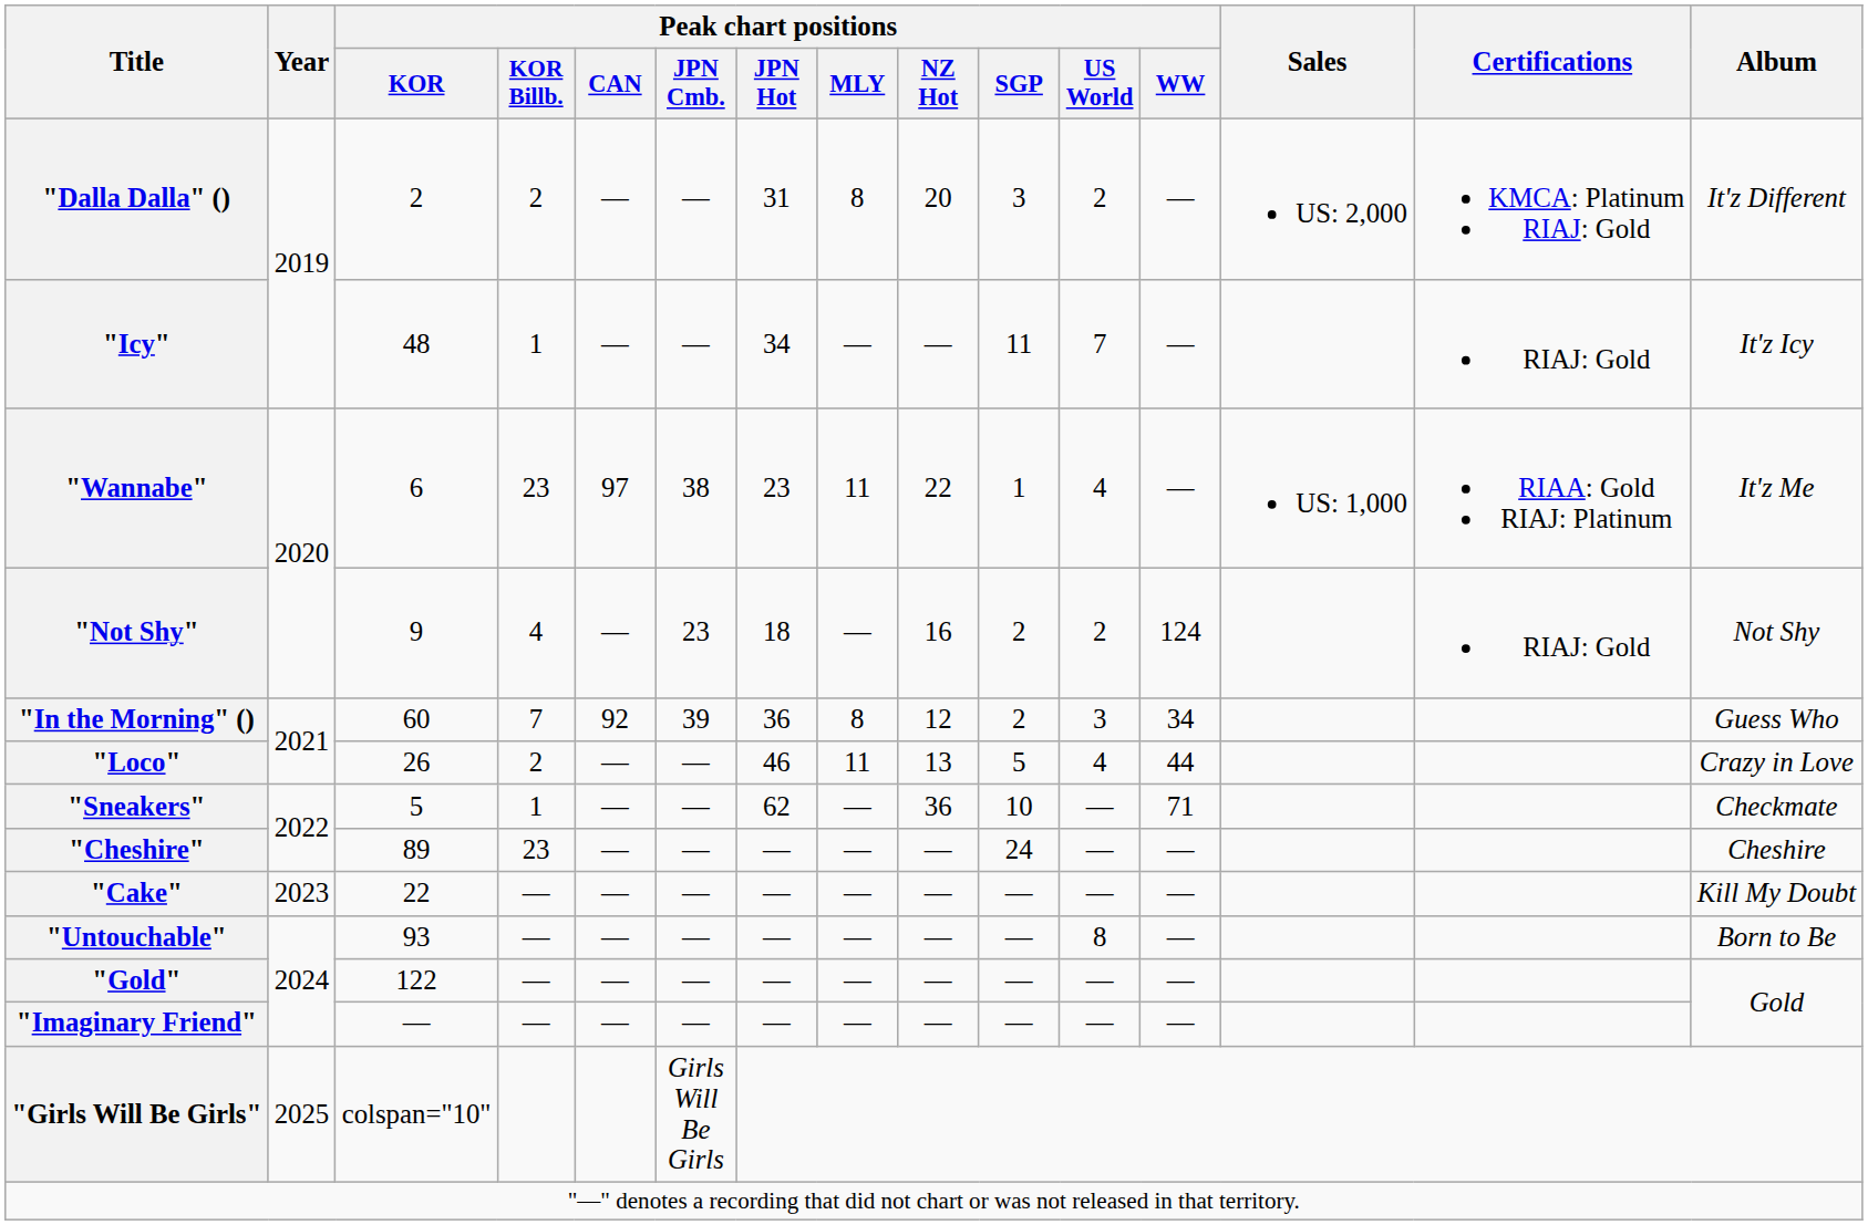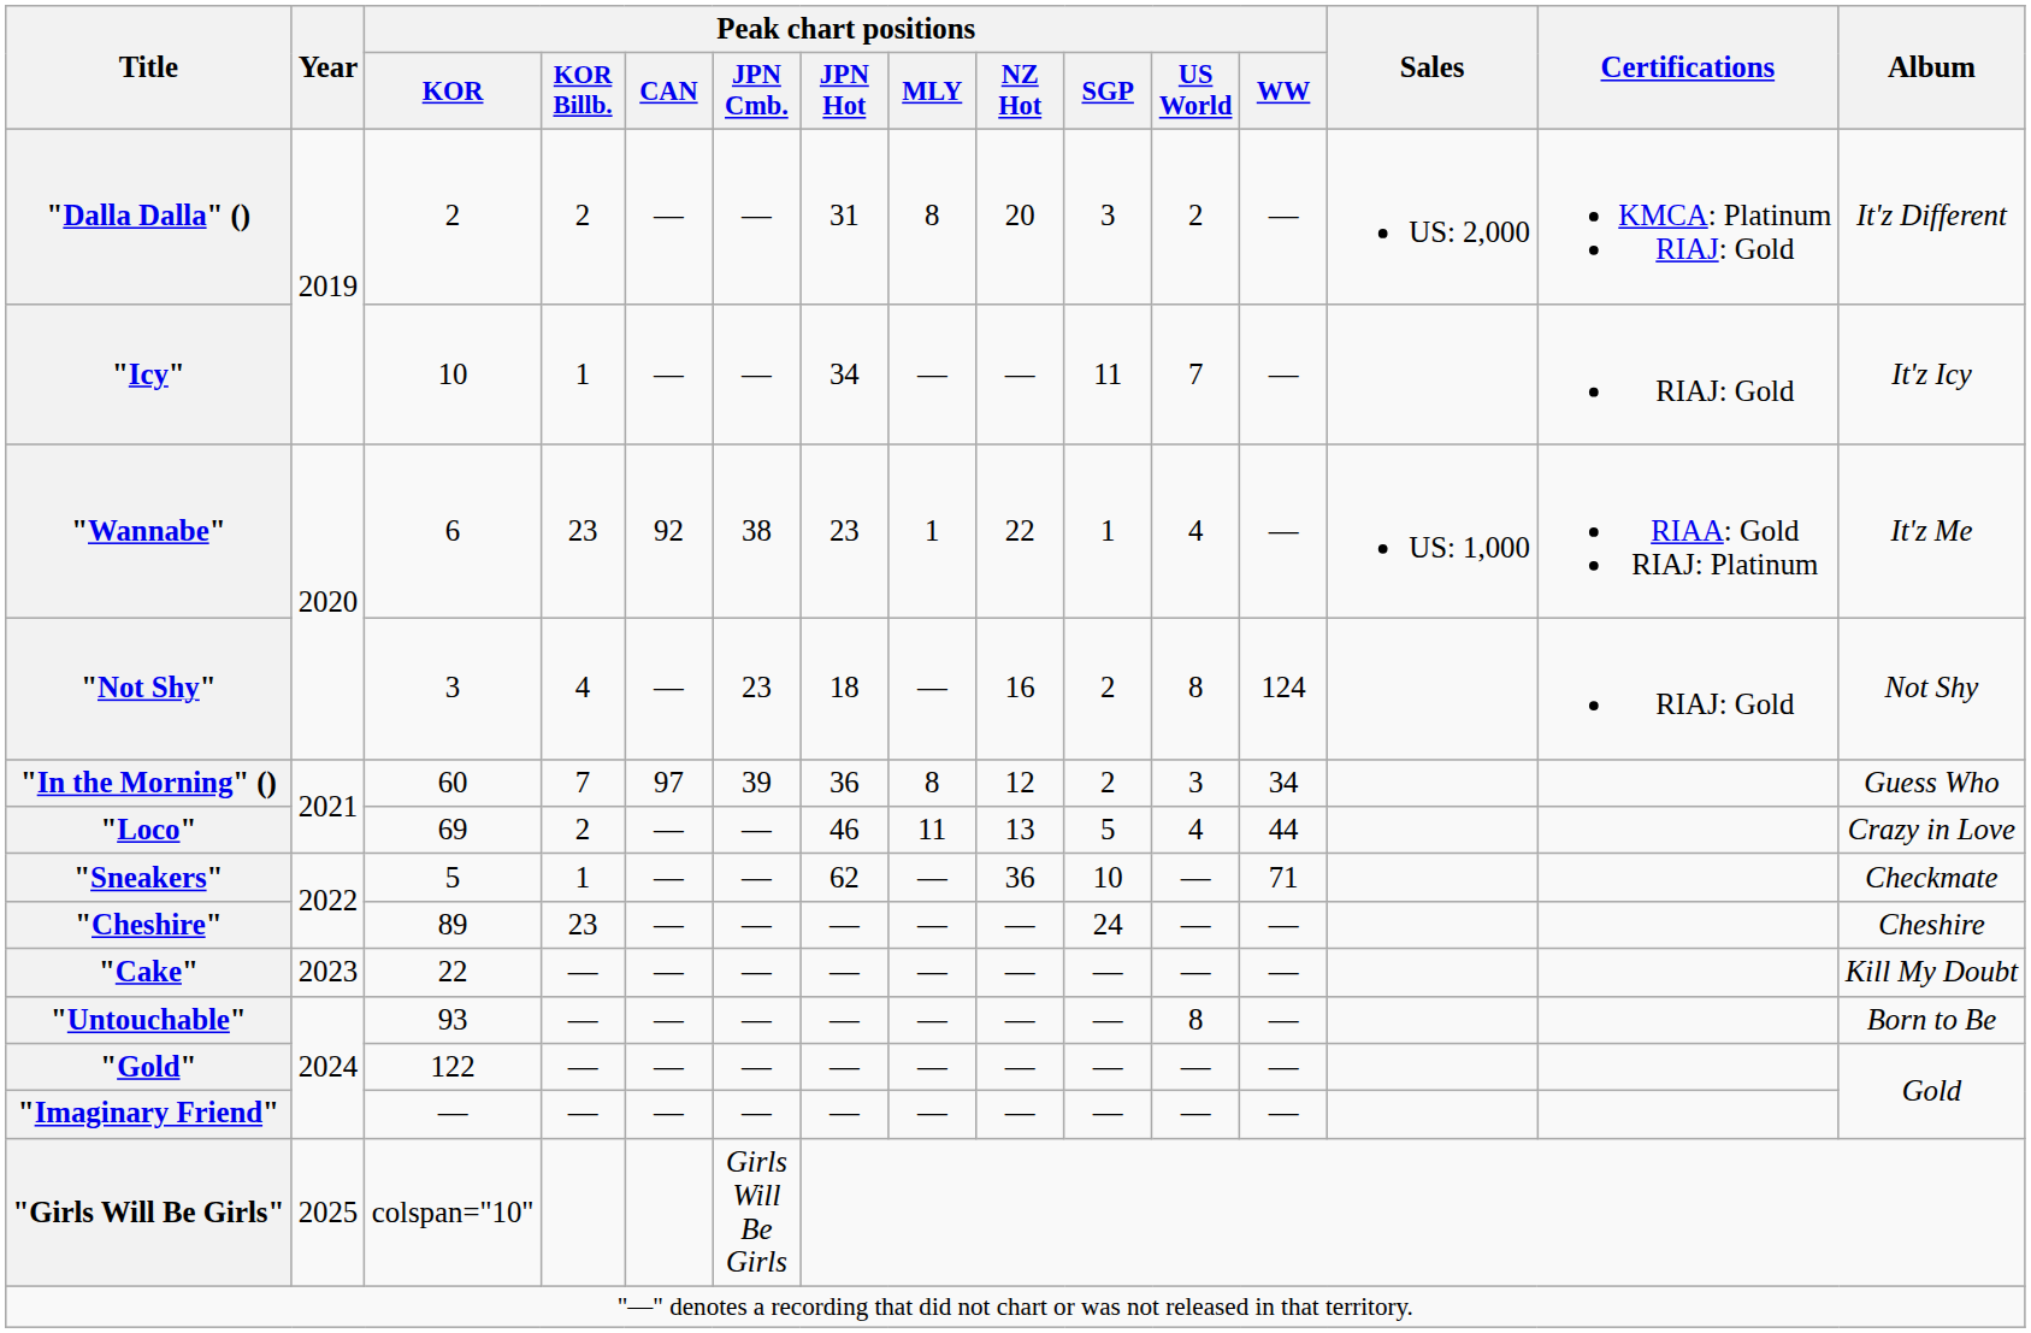 <table class="wikitable plainrowheaders" style="text-align:center">
 <tr>
 <th scope="col" rowspan="2">Title</th>
 <th scope="col" rowspan="2">Year</th>
 <th scope="col" colspan="10">Peak chart positions</th>
 <th scope="col" rowspan="2">Sales</th>
 <th scope="col" rowspan="2"><a href='#'>Certifications</a><br></th>
 <th scope="col" rowspan="2">Album</th>
 </tr>
 <tr>
 <th scope="col" style="width:2.8em;font-size:90%"><a href='#'>KOR</a><br></th>
 <th scope="col" style="width:2.8em;font-size:86%"><a href='#'>KOR<br>Billb.</a><br></th>
 <th scope="col" style="width:2.8em;font-size:90%"><a href='#'>CAN</a><br></th>
 <th scope="col" style="width:2.8em;font-size:90%"><a href='#'>JPN<br>Cmb.</a><br></th>
 <th scope="col" style="width:2.8em;font-size:90%"><a href='#'>JPN<br>Hot</a><br></th>
 <th scope="col" style="width:2.8em;font-size:90%"><a href='#'>MLY</a><br></th>
 <th scope="col" style="width:2.8em;font-size:90%"><a href='#'>NZ<br>Hot</a><br></th>
 <th scope="col" style="width:2.8em;font-size:90%"><a href='#'>SGP</a><br></th>
 <th scope="col" style="width:2.8em;font-size:90%"><a href='#'>US<br>World</a><br></th>
 <th scope="col" style="width:2.8em;font-size:90%"><a href='#'>WW</a><br></th>
 </tr>
 <tr>
 <th scope="row">"<a href='#'>Dalla Dalla</a>" ()</th>
 <td rowspan="2">2019</td>
 <td>2</td>
 <td>2</td>
 <td>—</td>
 <td>—</td>
 <td>31</td>
 <td>8</td>
 <td>20</td>
 <td>3</td>
 <td>2</td>
 <td>—</td>
 <td><br><ul><li>US: 2,000</li></ul></td>
 <td><br><ul><li><a href='#'>KMCA</a>: Platinum </li><li><a href='#'>RIAJ</a>: Gold </li></ul></td>
 <td><em>It'z Different</em></td>
 </tr>
 <tr>
 <th scope="row">"<a href='#'>Icy</a>"</th>
-<td>48</td>
+<td>10</td>
 <td>1</td>
 <td>—</td>
 <td>—</td>
 <td>34</td>
 <td>—</td>
 <td>—</td>
 <td>11</td>
 <td>7</td>
 <td>—</td>
 <td></td>
 <td><br><ul><li>RIAJ: Gold </li></ul></td>
 <td><em>It'z Icy</em></td>
 </tr>
 <tr>
 <th scope="row">"<a href='#'>Wannabe</a>"</th>
 <td rowspan="2">2020</td>
 <td>6</td>
 <td>23</td>
-<td>97</td>
+<td>92</td>
 <td>38</td>
 <td>23</td>
-<td>11</td>
+<td>1</td>
 <td>22</td>
 <td>1</td>
 <td>4</td>
 <td>—</td>
 <td><br><ul><li>US: 1,000</li></ul></td>
 <td><br><ul><li><a href='#'>RIAA</a>: Gold</li><li>RIAJ: Platinum </li></ul></td>
 <td><em>It'z Me</em></td>
 </tr>
 <tr>
 <th scope="row">"<a href='#'>Not Shy</a>"</th>
-<td>9</td>
+<td>3</td>
 <td>4</td>
 <td>—</td>
 <td>23</td>
 <td>18</td>
 <td>—</td>
 <td>16</td>
 <td>2</td>
-<td>2</td>
+<td>8</td>
 <td>124</td>
 <td></td>
 <td><br><ul><li>RIAJ: Gold </li></ul></td>
 <td><em>Not Shy</em></td>
 </tr>
 <tr>
 <th scope="row">"<a href='#'>In the Morning</a>" ()</th>
 <td rowspan="2">2021</td>
 <td>60</td>
 <td>7</td>
-<td>92</td>
+<td>97</td>
 <td>39</td>
 <td>36</td>
 <td>8</td>
 <td>12</td>
 <td>2</td>
 <td>3</td>
 <td>34</td>
 <td></td>
 <td></td>
 <td><em>Guess Who</em></td>
 </tr>
 <tr>
 <th scope="row">"<a href='#'>Loco</a>"</th>
-<td>26</td>
+<td>69</td>
 <td>2</td>
 <td>—</td>
 <td>—</td>
 <td>46</td>
 <td>11</td>
 <td>13</td>
 <td>5</td>
 <td>4</td>
 <td>44</td>
 <td></td>
 <td></td>
 <td><em>Crazy in Love</em></td>
 </tr>
 <tr>
 <th scope="row">"<a href='#'>Sneakers</a>"</th>
 <td rowspan="2">2022</td>
 <td>5</td>
 <td>1</td>
 <td>—</td>
 <td>—</td>
 <td>62</td>
 <td>—</td>
 <td>36</td>
 <td>10</td>
 <td>—</td>
 <td>71</td>
 <td></td>
 <td></td>
 <td><em>Checkmate</em></td>
 </tr>
 <tr>
 <th scope="row">"<a href='#'>Cheshire</a>"</th>
 <td>89</td>
 <td>23</td>
 <td>—</td>
 <td>—</td>
 <td>—</td>
 <td>—</td>
 <td>—</td>
 <td>24</td>
 <td>—</td>
 <td>—</td>
 <td></td>
 <td></td>
 <td><em>Cheshire</em></td>
 </tr>
 <tr>
 <th scope="row">"<a href='#'>Cake</a>"</th>
 <td>2023</td>
 <td>22</td>
 <td>—</td>
 <td>—</td>
 <td>—</td>
 <td>—</td>
 <td>—</td>
 <td>—</td>
 <td>—</td>
 <td>—</td>
 <td>—</td>
 <td></td>
 <td></td>
 <td><em>Kill My Doubt</em></td>
 </tr>
 <tr>
 <th scope="row">"<a href='#'>Untouchable</a>"</th>
 <td rowspan="3">2024</td>
 <td>93</td>
 <td>—</td>
 <td>—</td>
 <td>—</td>
 <td>—</td>
 <td>—</td>
 <td>—</td>
 <td>—</td>
 <td>8</td>
 <td>—</td>
 <td></td>
 <td></td>
 <td><em>Born to Be</em></td>
 </tr>
 <tr>
 <th scope="row">"<a href='#'>Gold</a>"</th>
 <td>122</td>
 <td>—</td>
 <td>—</td>
 <td>—</td>
 <td>—</td>
 <td>—</td>
 <td>—</td>
 <td>—</td>
 <td>—</td>
 <td>—</td>
 <td></td>
 <td></td>
 <td rowspan="2"><em>Gold</em></td>
 </tr>
 <tr>
 <th scope="row">"<a href='#'>Imaginary Friend</a>"</th>
 <td>—</td>
 <td>—</td>
 <td>—</td>
 <td>—</td>
 <td>—</td>
 <td>—</td>
 <td>—</td>
 <td>—</td>
 <td>—</td>
 <td>—</td>
 <td></td>
 <td></td>
 </tr>
 <tr>
 <th scope="row">"Girls Will Be Girls"</th>
 <td>2025</td>
 <td>colspan="10" </td>
 <td></td>
 <td></td>
 <td><em>Girls Will Be Girls</em></td>
 </tr>
 <tr>
 <td colspan="16" style="font-size:85%">"—" denotes a recording that did not chart or was not released in that territory.</td>
 </tr>
 </table>
